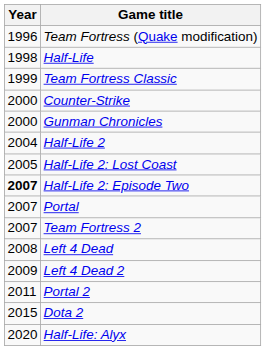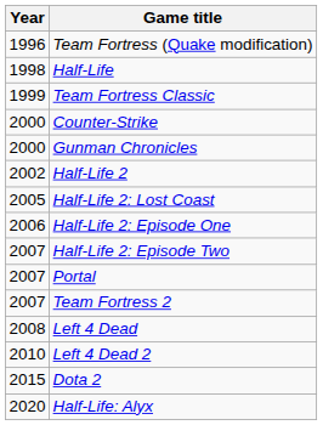 <table class="wikitable sortable" style="border:none; margin:0;">
 <tr valign="bottom">
 <th scope="col">Year</th>
 <th scope="col">Game title</th>
 </tr>
 <tr>
 <td>1996</td>
 <td><em>Team Fortress</em> (<a href='#'>Quake</a> modification)</td>
 </tr>
 <tr>
 <td>1998</td>
 <td><em><a href='#'>Half-Life</a></em></td>
 </tr>
 <tr>
 <td>1999</td>
 <td><em><a href='#'>Team Fortress Classic</a></em></td>
 </tr>
 <tr>
 <td>2000</td>
 <td><em><a href='#'>Counter-Strike</a></em></td>
 </tr>
 <tr>
 <td>2000</td>
 <td><em><a href='#'>Gunman Chronicles</a></em></td>
 </tr>
 <tr>
-<td>2004</td>
+<td>2002</td>
 <td><em><a href='#'>Half-Life 2</a></em></td>
 </tr>
 <tr>
 <td>2005</td>
 <td><em><a href='#'>Half-Life 2: Lost Coast</a></em></td>
 </tr>
 <tr>
-<td><strong>2007</strong></td>
+<td>2006</td>
+<td><em><a href='#'>Half-Life 2: Episode One</a></em></td>
+</tr>
+<tr>
+<td>2007</td>
 <td><em><a href='#'>Half-Life 2: Episode Two</a></em></td>
 </tr>
 <tr>
 <td>2007</td>
 <td><em><a href='#'>Portal</a></em></td>
 </tr>
 <tr>
 <td>2007</td>
 <td><em><a href='#'>Team Fortress 2</a></em></td>
 </tr>
 <tr>
 <td>2008</td>
 <td><em><a href='#'>Left 4 Dead</a></em></td>
 </tr>
 <tr>
-<td>2009</td>
+<td>2010</td>
 <td><em><a href='#'>Left 4 Dead 2</a></em></td>
-</tr>
-<tr>
-<td>2011</td>
-<td><em><a href='#'>Portal 2</a></em></td>
 </tr>
 <tr>
 <td>2015</td>
 <td><em><a href='#'>Dota 2</a></em></td>
 </tr>
 <tr>
 <td>2020</td>
 <td><em><a href='#'>Half-Life: Alyx</a></em></td>
 </tr>
 </table>
